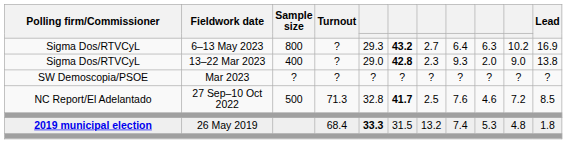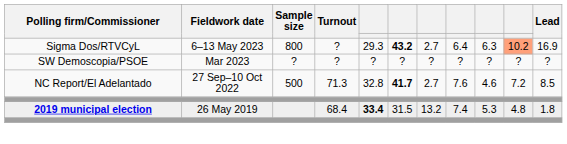 <table class="wikitable collapsible collapsed" style="text-align:center; font-size:95%; line-height:16px;">
 <tr style="height:42px;">
 <th style="width:250px;" rowspan="2">Polling firm/Commissioner</th>
 <th style="width:125px;" rowspan="2">Fieldwork date</th>
 <th style="width:50px;" rowspan="2">Sample size</th>
 <th style="width:45px;" rowspan="2">Turnout</th>
 <th style="width:35px;"></th>
 <th style="width:35px;"></th>
 <th style="width:35px;"></th>
 <th style="width:35px;"></th>
 <th style="width:35px;"></th>
 <th style="width:35px;"></th>
 <th style="width:30px;" rowspan="2">Lead</th>
 </tr>
 <tr>
 <th style="color:inherit;background:"></th>
 <th style="color:inherit;background:"></th>
 <th style="color:inherit;background:"></th>
 <th style="color:inherit;background:"></th>
 <th style="color:inherit;background:"></th>
 <th style="color:inherit;background:"></th>
 </tr>
 <tr>
 <td>Sigma Dos/RTVCyL</td>
 <td>6–13 May 2023</td>
 <td>800</td>
 <td>?</td>
 <td>29.3<br></td>
 <td><strong>43.2</strong><br></td>
 <td>2.7<br></td>
 <td>6.4<br></td>
 <td>6.3<br></td>
-<td>10.2<br></td>
+<td style="background: lightsalmon;">10.2<br></td>
 <td style="background:">16.9</td>
-</tr>
-<tr>
-<td>Sigma Dos/RTVCyL</td>
-<td>13–22 Mar 2023</td>
-<td>400</td>
-<td>?</td>
-<td>29.0<br></td>
-<td><strong>42.8</strong><br></td>
-<td>2.3<br></td>
-<td>9.3<br></td>
-<td>2.0<br></td>
-<td>9.0<br></td>
-<td style="background:">13.8</td>
 </tr>
 <tr>
 <td>SW Demoscopia/PSOE</td>
 <td>Mar 2023</td>
 <td>?</td>
 <td>?</td>
 <td>?<br></td>
 <td>?<br></td>
 <td>?<br></td>
 <td>?<br></td>
 <td>?<br></td>
 <td>?<br></td>
 <td style="background:">?</td>
 </tr>
 <tr>
 <td>NC Report/El Adelantado</td>
 <td>27 Sep–10 Oct 2022</td>
 <td>500</td>
 <td>71.3</td>
 <td>32.8<br></td>
 <td><strong>41.7</strong><br></td>
-<td>2.5<br></td>
+<td>2.7<br></td>
 <td>7.6<br></td>
 <td>4.6<br></td>
 <td>7.2<br></td>
 <td style="background:">8.5</td>
 </tr>
 <tr>
 <td colspan="11" style="background:#A0A0A0"></td>
 </tr>
 <tr style="background:#EFEFEF;">
 <td><strong><a href='#'>2019 municipal election</a></strong></td>
 <td>26 May 2019</td>
 <td></td>
 <td>68.4</td>
-<td><strong>33.3</strong><br></td>
+<td><strong>33.4</strong><br></td>
 <td>31.5<br></td>
 <td>13.2<br></td>
 <td>7.4<br></td>
 <td>5.3<br></td>
 <td>4.8<br></td>
 <td style="background:">1.8</td>
 </tr>
 <tr>
 <td colspan="11" style="background:#A0A0A0"></td>
 </tr>
 </table>
